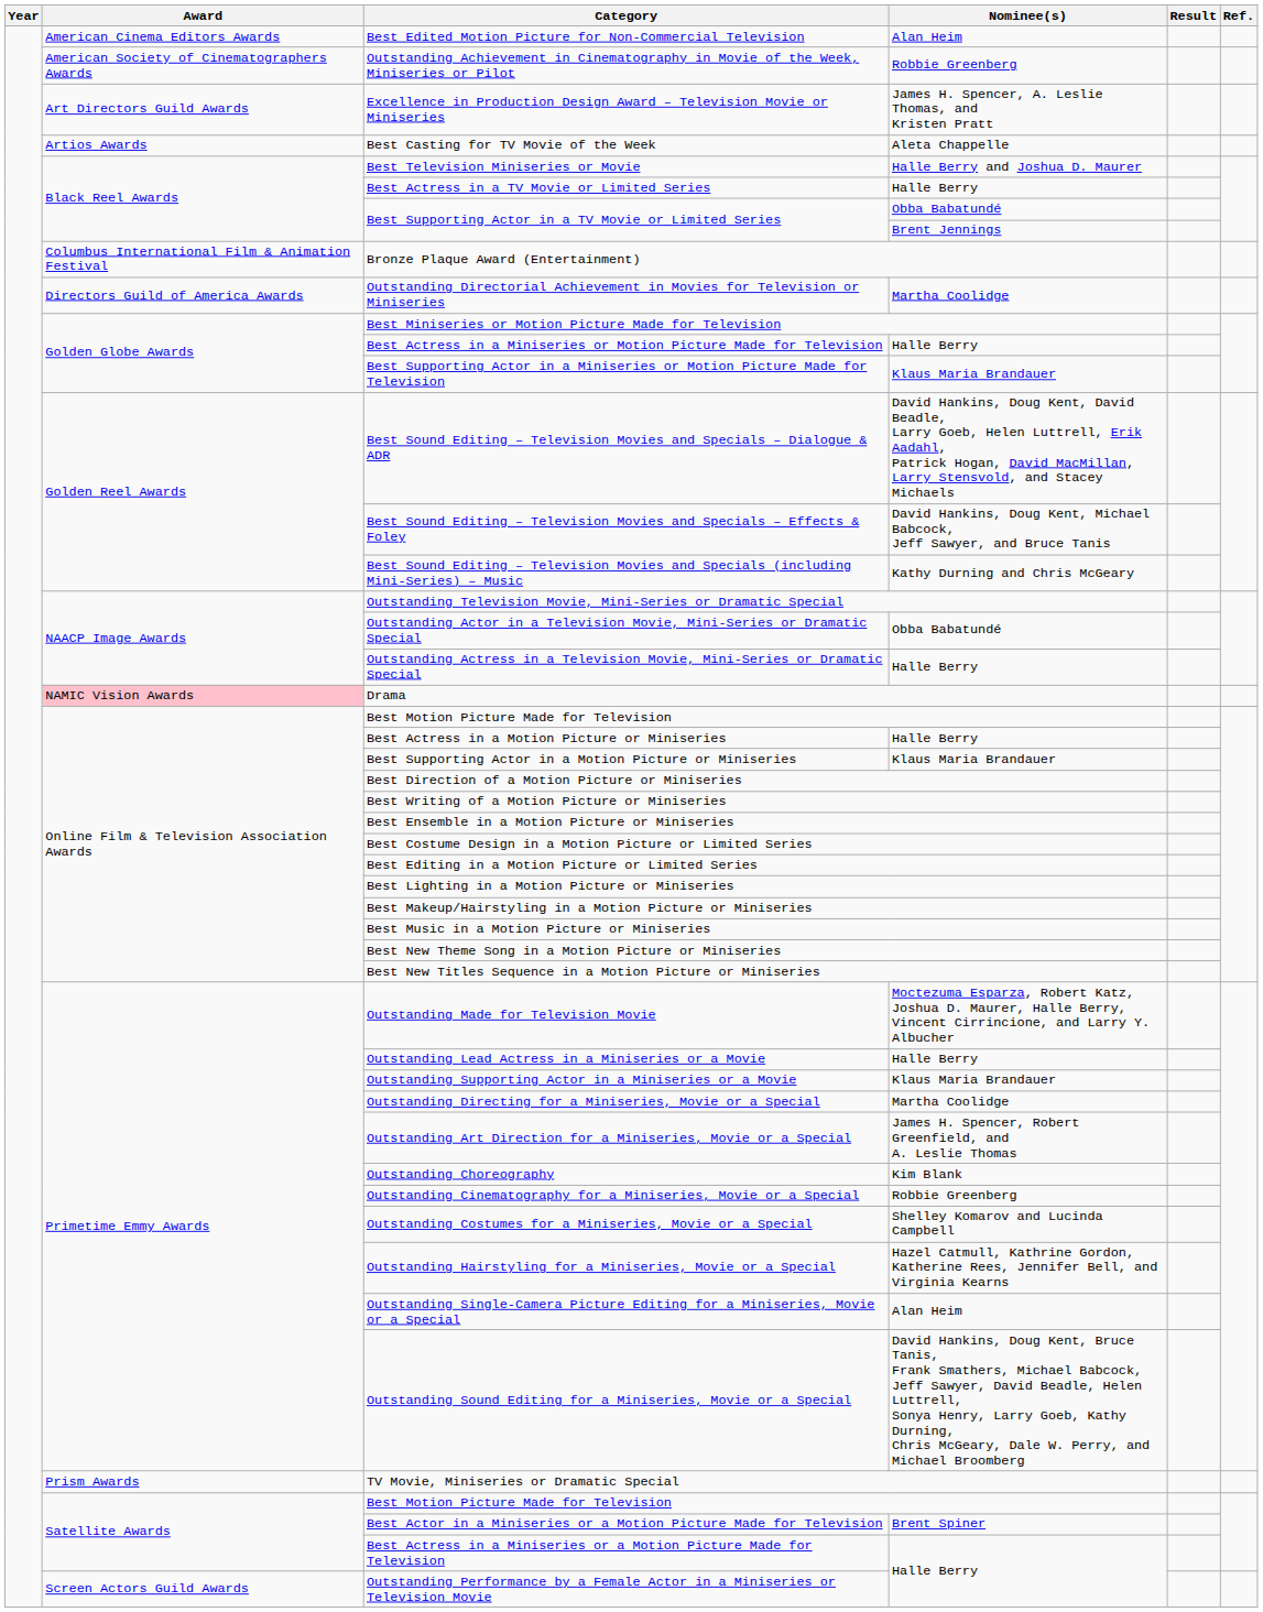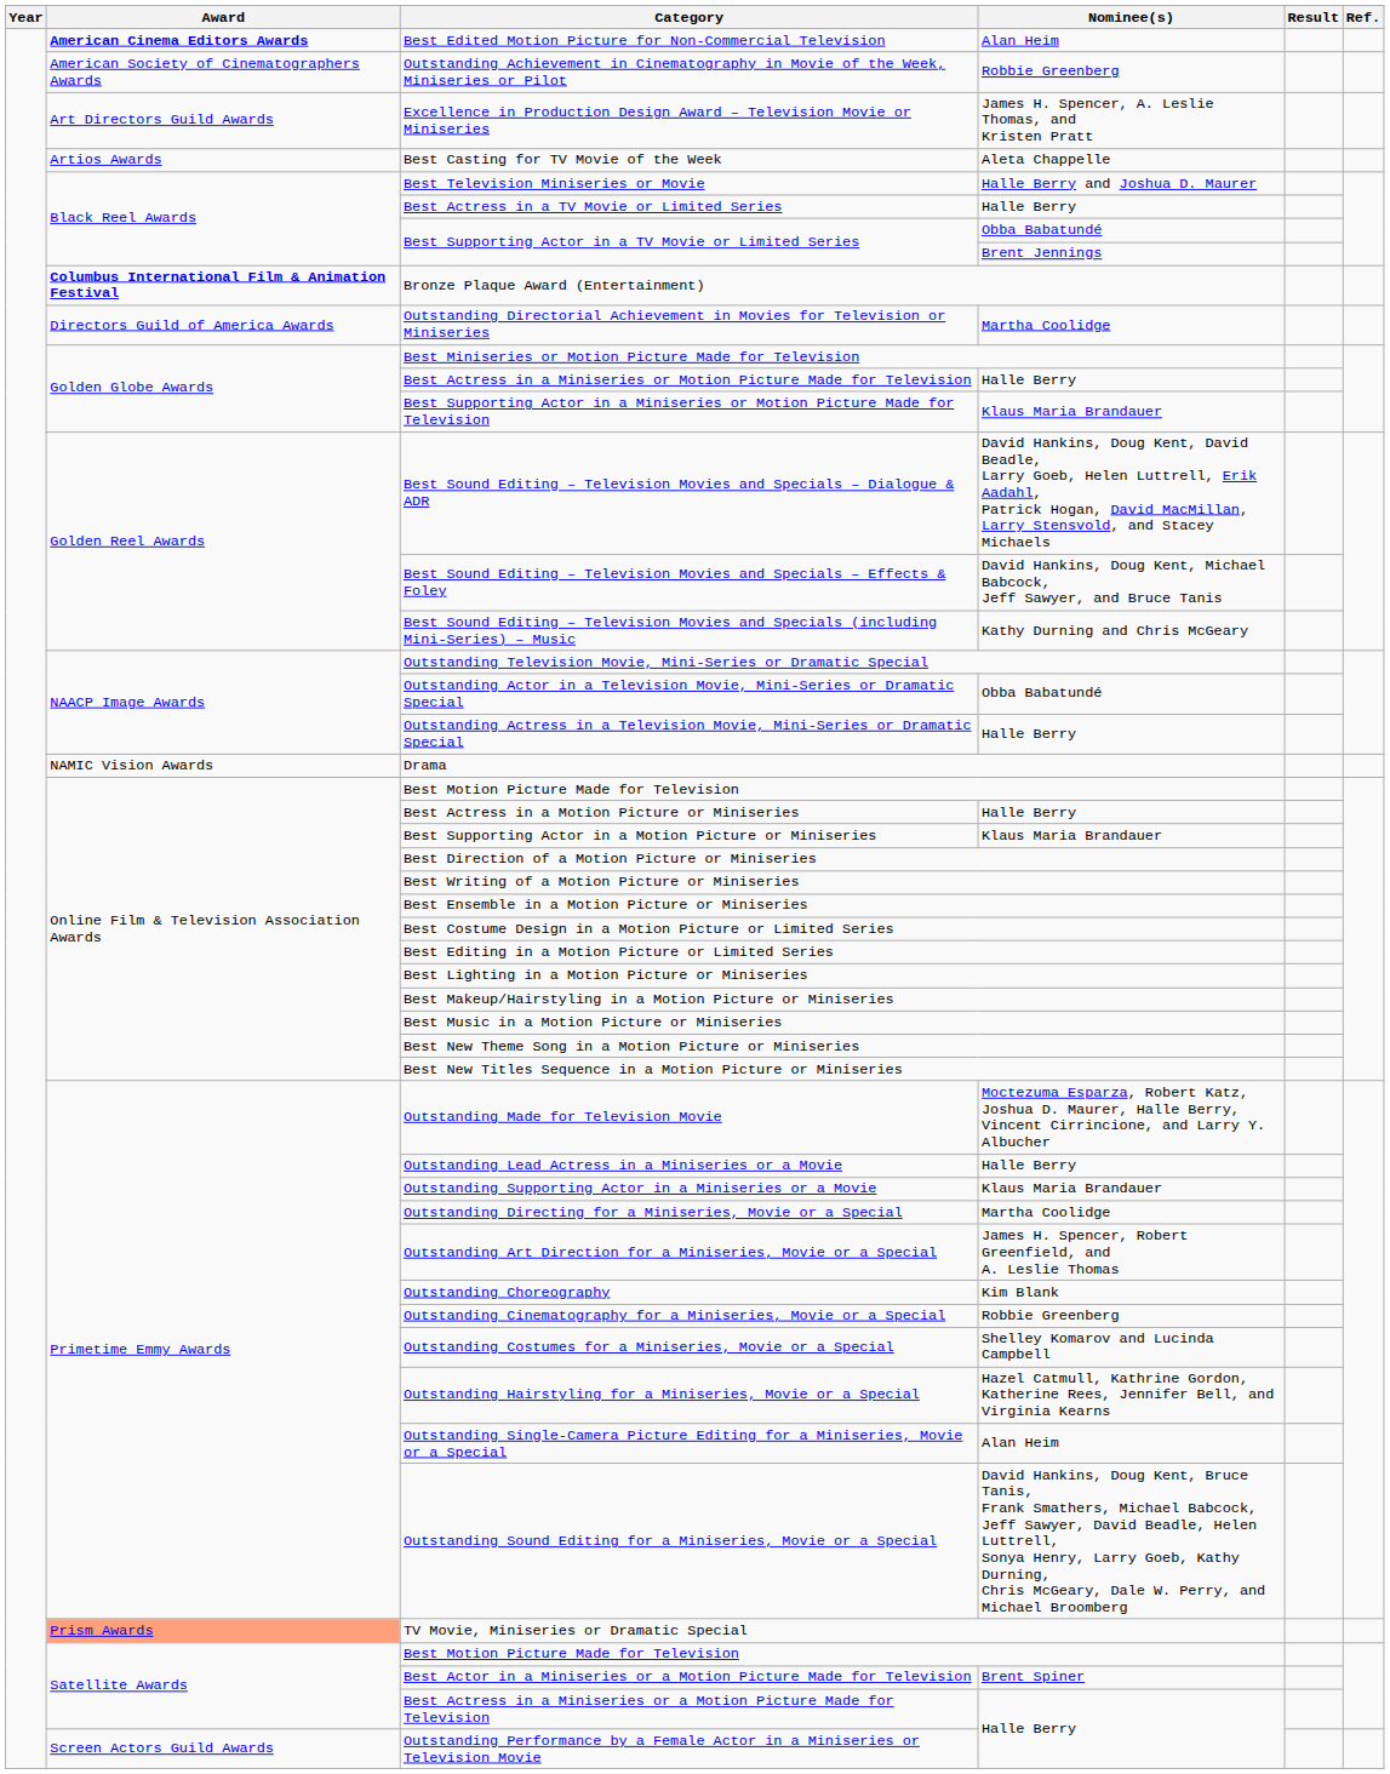 <table class="wikitable plainrowheaders">
 <tr>
 <th>Year</th>
 <th>Award</th>
 <th>Category</th>
 <th>Nominee(s)</th>
 <th>Result</th>
 <th>Ref.</th>
 </tr>
 <tr>
 <td rowspan="49"></td>
-<td><a href='#'>American Cinema Editors Awards</a></td>
+<td><strong><a href='#'>American Cinema Editors Awards</a></strong></td>
 <td><a href='#'>Best Edited Motion Picture for Non-Commercial Television</a></td>
 <td><a href='#'>Alan Heim</a></td>
 <td></td>
 <td align="center"></td>
 </tr>
 <tr>
 <td><a href='#'>American Society of Cinematographers Awards</a></td>
 <td><a href='#'>Outstanding Achievement in Cinematography in Movie of the Week, Miniseries or Pilot</a></td>
 <td><a href='#'>Robbie Greenberg</a></td>
 <td></td>
 <td align="center"></td>
 </tr>
 <tr>
 <td><a href='#'>Art Directors Guild Awards</a></td>
 <td><a href='#'>Excellence in Production Design Award – Television Movie or Miniseries</a></td>
 <td>James H. Spencer, A. Leslie Thomas, and <br> Kristen Pratt</td>
 <td></td>
 <td align="center"></td>
 </tr>
 <tr>
 <td><a href='#'>Artios Awards</a></td>
 <td>Best Casting for TV Movie of the Week</td>
 <td>Aleta Chappelle</td>
 <td></td>
 <td align="center"></td>
 </tr>
 <tr>
 <td rowspan="4"><a href='#'>Black Reel Awards</a></td>
 <td><a href='#'>Best Television Miniseries or Movie</a></td>
 <td><a href='#'>Halle Berry</a> and <a href='#'>Joshua D. Maurer</a></td>
 <td></td>
 <td align="center" rowspan="4"></td>
 </tr>
 <tr>
 <td><a href='#'>Best Actress in a TV Movie or Limited Series</a></td>
 <td>Halle Berry</td>
 <td></td>
 </tr>
 <tr>
 <td rowspan="2"><a href='#'>Best Supporting Actor in a TV Movie or Limited Series</a></td>
 <td><a href='#'>Obba Babatundé</a></td>
 <td></td>
 </tr>
 <tr>
 <td><a href='#'>Brent Jennings</a></td>
 <td></td>
 </tr>
 <tr>
-<td><a href='#'>Columbus International Film & Animation Festival</a></td>
+<td><strong><a href='#'>Columbus International Film & Animation Festival</a></strong></td>
 <td colspan="2">Bronze Plaque Award (Entertainment)</td>
 <td></td>
 <td align="center"></td>
 </tr>
 <tr>
 <td><a href='#'>Directors Guild of America Awards</a></td>
 <td><a href='#'>Outstanding Directorial Achievement in Movies for Television or Miniseries</a></td>
 <td><a href='#'>Martha Coolidge</a></td>
 <td></td>
 <td align="center"></td>
 </tr>
 <tr>
 <td rowspan="3"><a href='#'>Golden Globe Awards</a></td>
 <td colspan="2"><a href='#'>Best Miniseries or Motion Picture Made for Television</a></td>
 <td></td>
 <td align="center" rowspan="3"></td>
 </tr>
 <tr>
 <td><a href='#'>Best Actress in a Miniseries or Motion Picture Made for Television</a></td>
 <td>Halle Berry</td>
 <td></td>
 </tr>
 <tr>
 <td><a href='#'>Best Supporting Actor in a Miniseries or Motion Picture Made for Television</a></td>
 <td><a href='#'>Klaus Maria Brandauer</a></td>
 <td></td>
 </tr>
 <tr>
 <td rowspan="3"><a href='#'>Golden Reel Awards</a></td>
 <td><a href='#'>Best Sound Editing – Television Movies and Specials – Dialogue & ADR</a></td>
 <td>David Hankins, Doug Kent, David Beadle, <br> Larry Goeb, Helen Luttrell, <a href='#'>Erik Aadahl</a>, <br> Patrick Hogan, <a href='#'>David MacMillan</a>, <br> <a href='#'>Larry Stensvold</a>, and Stacey Michaels</td>
 <td></td>
 <td align="center" rowspan="3"></td>
 </tr>
 <tr>
 <td><a href='#'>Best Sound Editing – Television Movies and Specials – Effects & Foley</a></td>
 <td>David Hankins, Doug Kent, Michael Babcock, <br> Jeff Sawyer, and Bruce Tanis</td>
 <td></td>
 </tr>
 <tr>
 <td><a href='#'>Best Sound Editing – Television Movies and Specials (including Mini-Series) – Music</a></td>
 <td>Kathy Durning and Chris McGeary</td>
 <td></td>
 </tr>
 <tr>
 <td rowspan="3"><a href='#'>NAACP Image Awards</a></td>
 <td colspan="2"><a href='#'>Outstanding Television Movie, Mini-Series or Dramatic Special</a></td>
 <td></td>
 <td align="center" rowspan="3"></td>
 </tr>
 <tr>
 <td><a href='#'>Outstanding Actor in a Television Movie, Mini-Series or Dramatic Special</a></td>
 <td>Obba Babatundé</td>
 <td></td>
 </tr>
 <tr>
 <td><a href='#'>Outstanding Actress in a Television Movie, Mini-Series or Dramatic Special</a></td>
 <td>Halle Berry</td>
 <td></td>
 </tr>
 <tr>
-<td style="background: pink;">NAMIC Vision Awards</td>
+<td>NAMIC Vision Awards</td>
 <td colspan="2">Drama</td>
 <td></td>
 <td align="center"></td>
 </tr>
 <tr>
 <td rowspan="13">Online Film & Television Association Awards</td>
 <td colspan="2">Best Motion Picture Made for Television</td>
 <td></td>
 <td align="center" rowspan="13"></td>
 </tr>
 <tr>
 <td>Best Actress in a Motion Picture or Miniseries</td>
 <td>Halle Berry</td>
 <td></td>
 </tr>
 <tr>
 <td>Best Supporting Actor in a Motion Picture or Miniseries</td>
 <td>Klaus Maria Brandauer</td>
 <td></td>
 </tr>
 <tr>
 <td colspan="2">Best Direction of a Motion Picture or Miniseries</td>
 <td></td>
 </tr>
 <tr>
 <td colspan="2">Best Writing of a Motion Picture or Miniseries</td>
 <td></td>
 </tr>
 <tr>
 <td colspan="2">Best Ensemble in a Motion Picture or Miniseries</td>
 <td></td>
 </tr>
 <tr>
 <td colspan="2">Best Costume Design in a Motion Picture or Limited Series</td>
 <td></td>
 </tr>
 <tr>
 <td colspan="2">Best Editing in a Motion Picture or Limited Series</td>
 <td></td>
 </tr>
 <tr>
 <td colspan="2">Best Lighting in a Motion Picture or Miniseries</td>
 <td></td>
 </tr>
 <tr>
 <td colspan="2">Best Makeup/Hairstyling in a Motion Picture or Miniseries</td>
 <td></td>
 </tr>
 <tr>
 <td colspan="2">Best Music in a Motion Picture or Miniseries</td>
 <td></td>
 </tr>
 <tr>
 <td colspan="2">Best New Theme Song in a Motion Picture or Miniseries</td>
 <td></td>
 </tr>
 <tr>
 <td colspan="2">Best New Titles Sequence in a Motion Picture or Miniseries</td>
 <td></td>
 </tr>
 <tr>
 <td rowspan="11"><a href='#'>Primetime Emmy Awards</a></td>
 <td><a href='#'>Outstanding Made for Television Movie</a></td>
 <td><a href='#'>Moctezuma Esparza</a>, Robert Katz, <br> Joshua D. Maurer, Halle Berry, <br> Vincent Cirrincione, and Larry Y. Albucher</td>
 <td></td>
 <td align="center" rowspan="11"></td>
 </tr>
 <tr>
 <td><a href='#'>Outstanding Lead Actress in a Miniseries or a Movie</a></td>
 <td>Halle Berry</td>
 <td></td>
 </tr>
 <tr>
 <td><a href='#'>Outstanding Supporting Actor in a Miniseries or a Movie</a></td>
 <td>Klaus Maria Brandauer</td>
 <td></td>
 </tr>
 <tr>
 <td><a href='#'>Outstanding Directing for a Miniseries, Movie or a Special</a></td>
 <td>Martha Coolidge</td>
 <td></td>
 </tr>
 <tr>
 <td><a href='#'>Outstanding Art Direction for a Miniseries, Movie or a Special</a></td>
 <td>James H. Spencer, Robert Greenfield, and <br> A. Leslie Thomas</td>
 <td></td>
 </tr>
 <tr>
 <td><a href='#'>Outstanding Choreography</a></td>
 <td>Kim Blank</td>
 <td></td>
 </tr>
 <tr>
 <td><a href='#'>Outstanding Cinematography for a Miniseries, Movie or a Special</a></td>
 <td>Robbie Greenberg</td>
 <td></td>
 </tr>
 <tr>
 <td><a href='#'>Outstanding Costumes for a Miniseries, Movie or a Special</a></td>
 <td>Shelley Komarov and Lucinda Campbell</td>
 <td></td>
 </tr>
 <tr>
 <td><a href='#'>Outstanding Hairstyling for a Miniseries, Movie or a Special</a></td>
 <td>Hazel Catmull, Kathrine Gordon, <br> Katherine Rees, Jennifer Bell, and <br> Virginia Kearns</td>
 <td></td>
 </tr>
 <tr>
 <td><a href='#'>Outstanding Single-Camera Picture Editing for a Miniseries, Movie or a Special</a></td>
 <td>Alan Heim</td>
 <td></td>
 </tr>
 <tr>
 <td><a href='#'>Outstanding Sound Editing for a Miniseries, Movie or a Special</a></td>
 <td>David Hankins, Doug Kent, Bruce Tanis, <br> Frank Smathers, Michael Babcock, <br> Jeff Sawyer, David Beadle, Helen Luttrell, <br> Sonya Henry, Larry Goeb, Kathy Durning, <br> Chris McGeary, Dale W. Perry, and <br> Michael Broomberg</td>
 <td></td>
 </tr>
 <tr>
-<td><a href='#'>Prism Awards</a></td>
+<td style="background: lightsalmon;"><a href='#'>Prism Awards</a></td>
 <td colspan="2">TV Movie, Miniseries or Dramatic Special</td>
 <td></td>
 <td align="center"></td>
 </tr>
 <tr>
 <td rowspan="3"><a href='#'>Satellite Awards</a></td>
 <td colspan="2"><a href='#'>Best Motion Picture Made for Television</a></td>
 <td></td>
 <td align="center" rowspan="3"></td>
 </tr>
 <tr>
 <td><a href='#'>Best Actor in a Miniseries or a Motion Picture Made for Television</a></td>
 <td><a href='#'>Brent Spiner</a></td>
 <td></td>
 </tr>
 <tr>
 <td><a href='#'>Best Actress in a Miniseries or a Motion Picture Made for Television</a></td>
 <td rowspan="2">Halle Berry</td>
 <td></td>
 </tr>
 <tr>
 <td><a href='#'>Screen Actors Guild Awards</a></td>
 <td><a href='#'>Outstanding Performance by a Female Actor in a Miniseries or Television Movie</a></td>
 <td></td>
 <td align="center"></td>
 </tr>
 </table>
